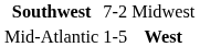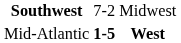 <table>
 <tr>
 <td align=center><strong>Southwest</strong></td>
 <td align=center>7-2</td>
 <td align=center>Midwest</td>
 </tr>
 <tr>
 <td align=center>Mid-Atlantic</td>
-<td align=center>1-5</td>
+<td align=center><strong>1-5</strong></td>
 <td align=center><strong>West</strong></td>
 </tr>
 </table>
